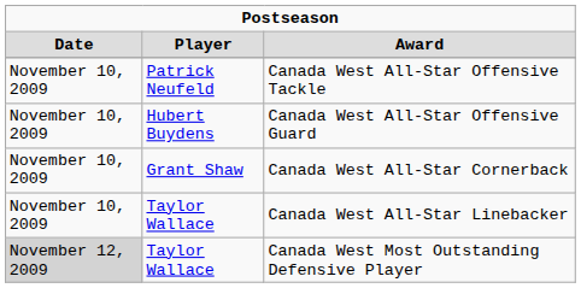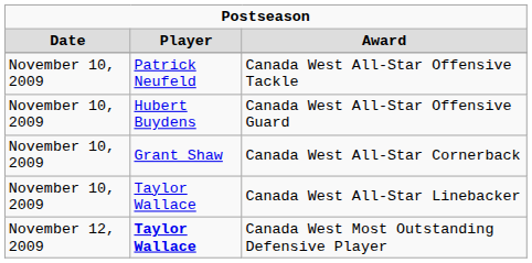 <table class="wikitable" width="52%">
 <tr>
 <td colspan="10" align="center"><strong>Postseason</strong></td>
 </tr>
 <tr align="center"  bgcolor="#dddddd">
 <td><strong>Date</strong></td>
 <td><strong>Player</strong></td>
 <td><strong>Award</strong></td>
 </tr>
 <tr>
 </tr>
 <tr>
 <td>November 10, 2009</td>
 <td><a href='#'>Patrick Neufeld</a></td>
 <td>Canada West All-Star Offensive Tackle</td>
 </tr>
 <tr>
 <td>November 10, 2009</td>
 <td><a href='#'>Hubert Buydens</a></td>
 <td>Canada West All-Star Offensive Guard</td>
 </tr>
 <tr>
 <td>November 10, 2009</td>
 <td><a href='#'>Grant Shaw</a></td>
 <td>Canada West All-Star Cornerback</td>
 </tr>
 <tr>
 <td>November 10, 2009</td>
 <td><a href='#'>Taylor Wallace</a></td>
 <td>Canada West All-Star Linebacker</td>
 </tr>
 <tr>
-<td style="background: lightgrey;">November 12, 2009</td>
-<td><a href='#'>Taylor Wallace</a></td>
+<td>November 12, 2009</td>
+<td><strong><a href='#'>Taylor Wallace</a></strong></td>
 <td>Canada West Most Outstanding Defensive Player</td>
 </tr>
 </table>
